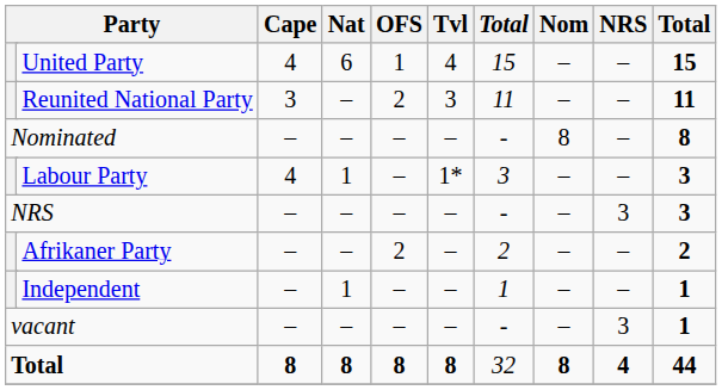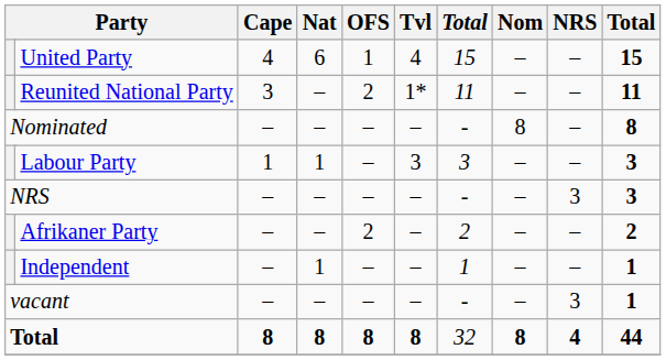 <table class="wikitable">
 <tr>
 <th colspan=3><strong>Party</strong></th>
 <th>Cape</th>
 <th>Nat</th>
 <th>OFS</th>
 <th>Tvl</th>
 <th><em>Total</em></th>
 <th>Nom</th>
 <th>NRS</th>
 <th><strong>Total</strong></th>
 </tr>
 <tr>
 <th colspan=2 style="background-color: "></th>
 <td><a href='#'>United Party</a></td>
 <td align=center>4</td>
 <td align=center>6</td>
 <td align=center>1</td>
 <td align=center>4</td>
 <td align=center><em>15</em></td>
 <td align=center>–</td>
 <td align=center>–</td>
 <td align=center><strong>15</strong></td>
 </tr>
 <tr>
 <th colspan=2 style="background-color: "></th>
 <td><a href='#'>Reunited National Party</a></td>
 <td align=center>3</td>
 <td align=center>–</td>
 <td align=center>2</td>
-<td align=center>3</td>
+<td align=center>1*</td>
 <td align=center><em>11</em></td>
 <td align=center>–</td>
 <td align=center>–</td>
 <td align=center><strong>11</strong></td>
 </tr>
 <tr>
 <td colspan=3><em>Nominated</em></td>
 <td align=center>–</td>
 <td align=center>–</td>
 <td align=center>–</td>
 <td align=center>–</td>
 <td align=center><em>-</em></td>
 <td align=center>8</td>
 <td align=center>–</td>
 <td align=center><strong>8</strong></td>
 </tr>
 <tr>
 <th colspan=2 style="background-color: "></th>
 <td><a href='#'>Labour Party</a></td>
-<td align=center>4</td>
+<td align=center>1</td>
 <td align=center>1</td>
 <td align=center>–</td>
-<td align=center>1*</td>
+<td align=center>3</td>
 <td align=center><em>3</em></td>
 <td align=center>–</td>
 <td align=center>–</td>
 <td align=center><strong>3</strong></td>
 </tr>
 <tr>
 <td colspan=3><em>NRS</em></td>
 <td align=center>–</td>
 <td align=center>–</td>
 <td align=center>–</td>
 <td align=center>–</td>
 <td align=center><em>-</em></td>
 <td align=center>–</td>
 <td align=center>3</td>
 <td align=center><strong>3</strong></td>
 </tr>
 <tr>
 <th colspan=2 style="background-color: "></th>
 <td><a href='#'>Afrikaner Party</a></td>
 <td align=center>–</td>
 <td align=center>–</td>
 <td align=center>2</td>
 <td align=center>–</td>
 <td align=center><em>2</em></td>
 <td align=center>–</td>
 <td align=center>–</td>
 <td align=center><strong>2</strong></td>
 </tr>
 <tr>
 <th colspan=2 style="background-color: "></th>
 <td><a href='#'>Independent</a></td>
 <td align=center>–</td>
 <td align=center>1</td>
 <td align=center>–</td>
 <td align=center>–</td>
 <td align=center><em>1</em></td>
 <td align=center>–</td>
 <td align=center>–</td>
 <td align=center><strong>1</strong></td>
 </tr>
 <tr>
 <td colspan=3><em>vacant</em></td>
 <td align=center>–</td>
 <td align=center>–</td>
 <td align=center>–</td>
 <td align=center>–</td>
 <td align=center><em>-</em></td>
 <td align=center>–</td>
 <td align=center>3</td>
 <td align=center><strong>1</strong></td>
 </tr>
 <tr>
 <td colspan=3><strong>Total</strong></td>
 <td align=center><strong>8</strong></td>
 <td align=center><strong>8</strong></td>
 <td align=center><strong>8</strong></td>
 <td align=center><strong>8</strong></td>
 <td align=center><em>32</em></td>
 <td align=center><strong>8</strong></td>
 <td align=center><strong>4</strong></td>
 <td align=center><strong>44</strong></td>
 </tr>
 <tr>
 </tr>
 </table>
